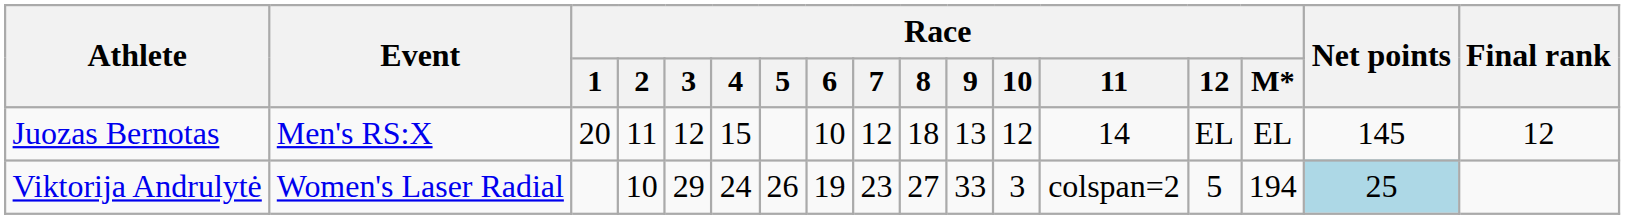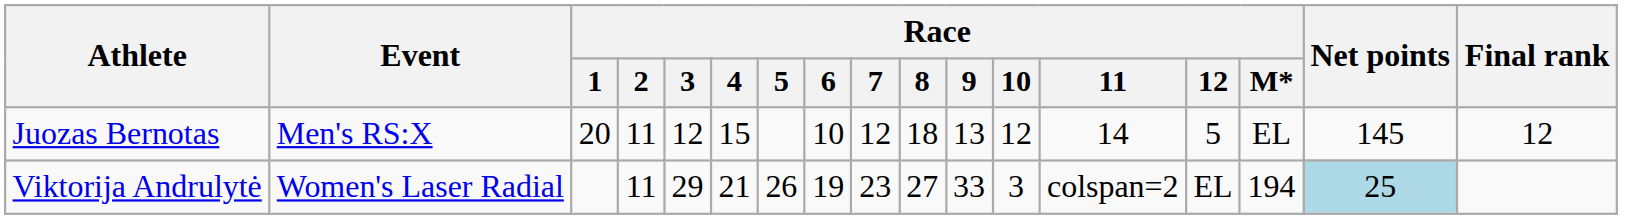 <table class="wikitable" style="font-size:90%">
 <tr>
 <th rowspan="2">Athlete</th>
 <th rowspan="2">Event</th>
 <th colspan=13>Race</th>
 <th rowspan=2>Net points</th>
 <th rowspan=2>Final rank</th>
 </tr>
 <tr style="font-size:95%">
 <th>1</th>
 <th>2</th>
 <th>3</th>
 <th>4</th>
 <th>5</th>
 <th>6</th>
 <th>7</th>
 <th>8</th>
 <th>9</th>
 <th>10</th>
 <th>11</th>
 <th>12</th>
 <th>M*</th>
 </tr>
 <tr align=center>
 <td align=left><a href='#'>Juozas Bernotas</a></td>
 <td align=left><a href='#'>Men's RS:X</a></td>
 <td>20</td>
 <td>11</td>
 <td>12</td>
 <td>15</td>
 <td></td>
 <td>10</td>
 <td>12</td>
 <td>18</td>
 <td>13</td>
 <td>12</td>
 <td>14</td>
-<td>EL</td>
+<td>5</td>
 <td>EL</td>
 <td>145</td>
 <td>12</td>
 </tr>
 <tr align=center>
 <td align=left><a href='#'>Viktorija Andrulytė</a></td>
 <td align=left><a href='#'>Women's Laser Radial</a></td>
 <td></td>
-<td>10</td>
+<td>11</td>
 <td>29</td>
-<td>24</td>
+<td>21</td>
 <td>26</td>
 <td>19</td>
 <td>23</td>
 <td>27</td>
 <td>33</td>
 <td>3</td>
 <td>colspan=2 </td>
-<td>5</td>
+<td>EL</td>
 <td>194</td>
 <td style="background: lightblue;">25</td>
 </tr>
 </table>
